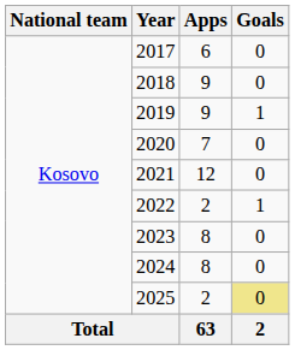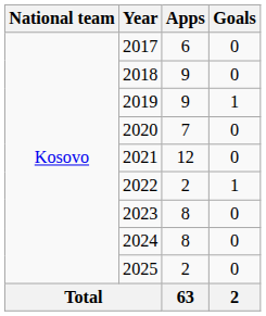 <table class="wikitable" style="text-align:center">
 <tr>
 <th>National team</th>
 <th>Year</th>
 <th>Apps</th>
 <th>Goals</th>
 </tr>
 <tr>
 <td rowspan="9"><a href='#'>Kosovo</a></td>
 <td>2017</td>
 <td>6</td>
 <td>0</td>
 </tr>
 <tr>
 <td>2018</td>
 <td>9</td>
 <td>0</td>
 </tr>
 <tr>
 <td>2019</td>
 <td>9</td>
 <td>1</td>
 </tr>
 <tr>
 <td>2020</td>
 <td>7</td>
 <td>0</td>
 </tr>
 <tr>
 <td>2021</td>
 <td>12</td>
 <td>0</td>
 </tr>
 <tr>
 <td>2022</td>
 <td>2</td>
 <td>1</td>
 </tr>
 <tr>
 <td>2023</td>
 <td>8</td>
 <td>0</td>
 </tr>
 <tr>
 <td>2024</td>
 <td>8</td>
 <td>0</td>
 </tr>
 <tr>
 <td>2025</td>
 <td>2</td>
-<td style="background: khaki;">0</td>
+<td>0</td>
 </tr>
 <tr>
 <th colspan="2">Total</th>
 <th>63</th>
 <th>2</th>
 </tr>
 </table>
